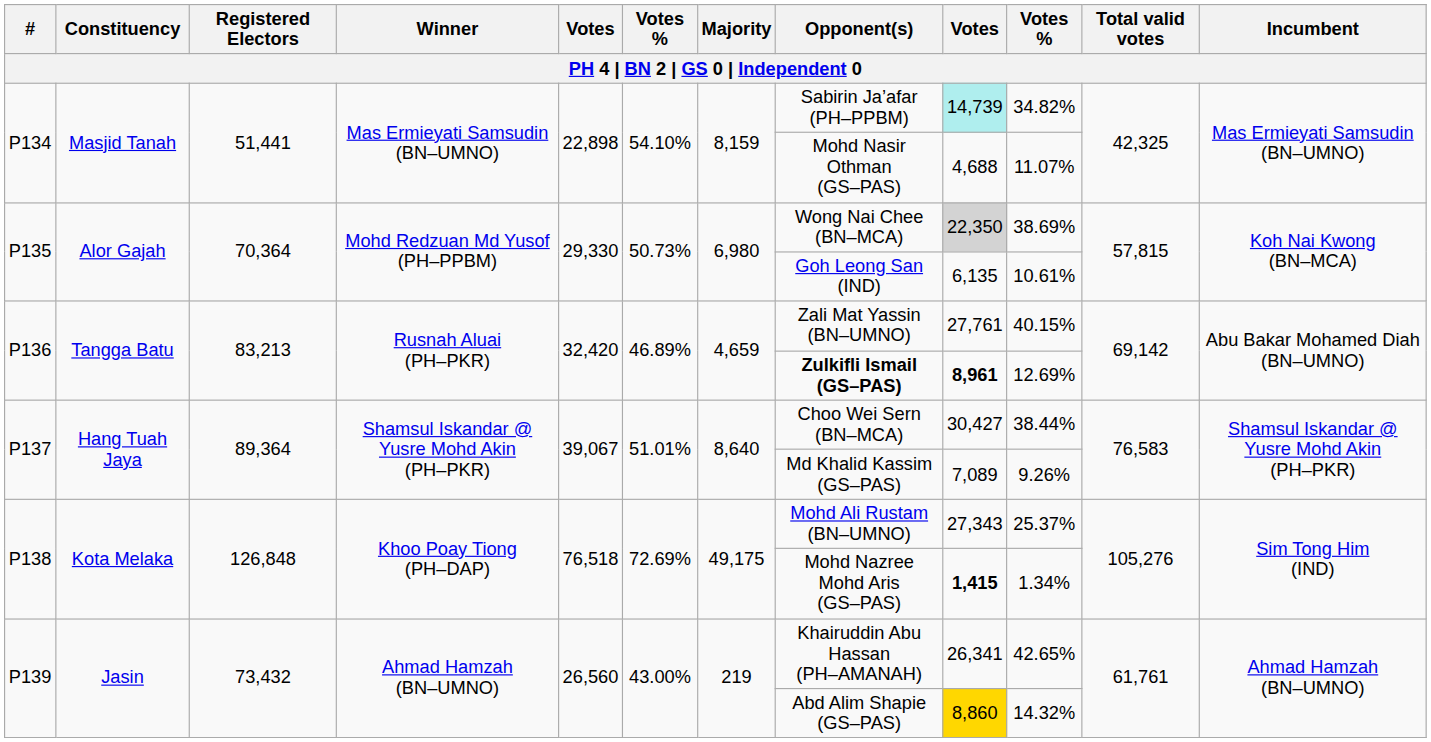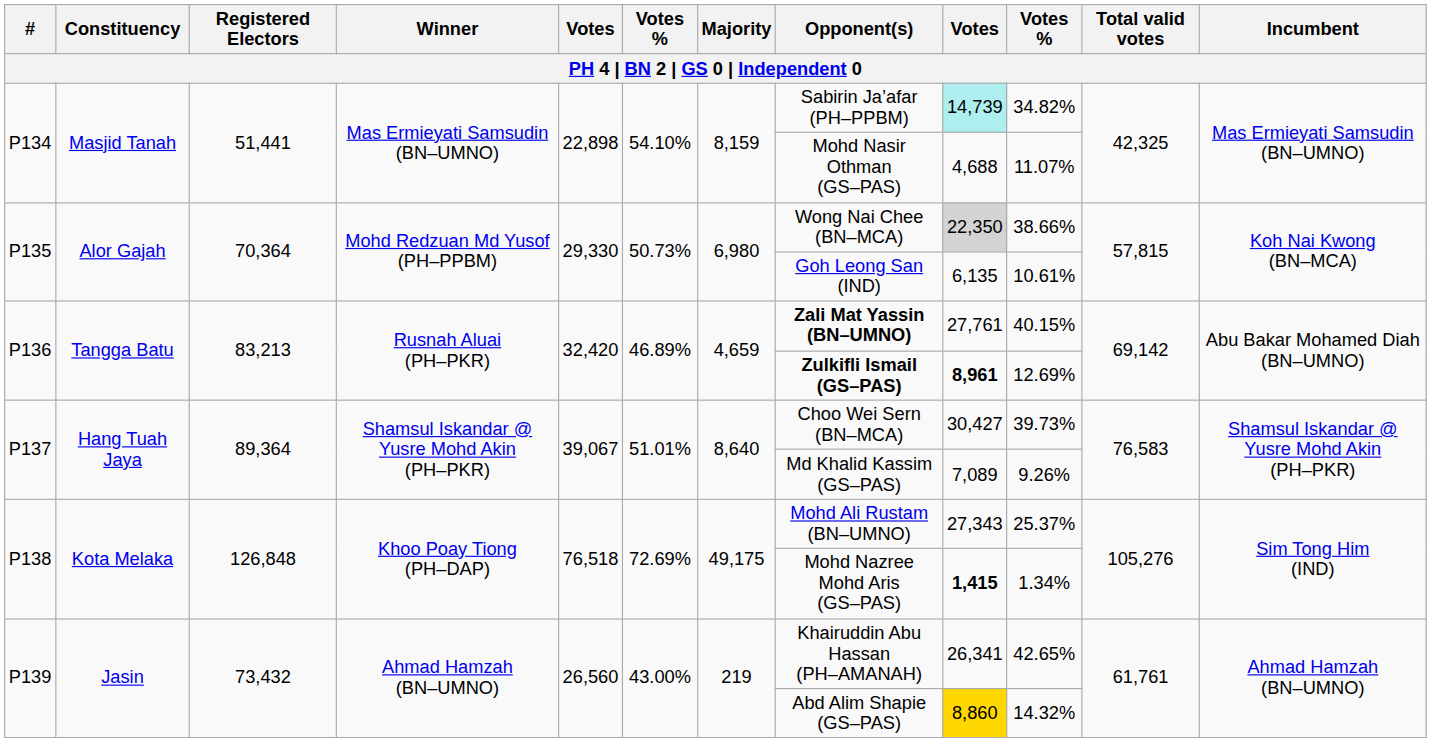 <table class ="wikitable sortable">
 <tr>
 <th>#</th>
 <th>Constituency</th>
 <th>Registered Electors</th>
 <th>Winner</th>
 <th>Votes</th>
 <th>Votes %</th>
 <th>Majority</th>
 <th>Opponent(s)</th>
 <th>Votes</th>
 <th>Votes %</th>
 <th>Total valid votes</th>
 <th>Incumbent</th>
 </tr>
 <tr>
 <th colspan="13"><a href='#'>PH</a> <strong>4</strong> | <a href='#'>BN</a> <strong>2</strong> | <a href='#'>GS</a> <strong>0</strong> | <a href='#'>Independent</a> <strong>0</strong></th>
 </tr>
 <tr align="center">
 <td rowspan=2>P134</td>
 <td rowspan=2><a href='#'>Masjid Tanah</a></td>
 <td rowspan=2>51,441</td>
 <td rowspan=2><a href='#'>Mas Ermieyati Samsudin</a><br>(BN–UMNO)</td>
 <td rowspan=2>22,898</td>
 <td rowspan=2>54.10%</td>
 <td rowspan=2>8,159</td>
 <td>Sabirin Ja’afar<br>(PH–PPBM)</td>
 <td style="background: paleturquoise;">14,739</td>
 <td>34.82%</td>
 <td rowspan=2>42,325</td>
 <td rowspan=2><a href='#'>Mas Ermieyati Samsudin</a><br>(BN–UMNO)</td>
 </tr>
 <tr align="center">
 <td>Mohd Nasir Othman<br>(GS–PAS)</td>
 <td>4,688</td>
 <td>11.07%</td>
 </tr>
 <tr align="center">
 <td rowspan=2>P135</td>
 <td rowspan=2><a href='#'>Alor Gajah</a></td>
 <td rowspan=2>70,364</td>
 <td rowspan=2><a href='#'>Mohd Redzuan Md Yusof</a><br>(PH–PPBM)</td>
 <td rowspan=2>29,330</td>
 <td rowspan=2>50.73%</td>
 <td rowspan=2>6,980</td>
 <td>Wong Nai Chee<br>(BN–MCA)</td>
 <td style="background: lightgrey;">22,350</td>
-<td>38.69%</td>
+<td>38.66%</td>
 <td rowspan=2>57,815</td>
 <td rowspan=2><a href='#'>Koh Nai Kwong</a><br>(BN–MCA)</td>
 </tr>
 <tr align="center">
 <td><a href='#'>Goh Leong San</a><br>(IND)</td>
 <td>6,135</td>
 <td>10.61%</td>
 </tr>
 <tr align="center">
 <td rowspan=2>P136</td>
 <td rowspan=2><a href='#'>Tangga Batu</a></td>
 <td rowspan=2>83,213</td>
 <td rowspan=2><a href='#'>Rusnah Aluai</a><br>(PH–PKR)</td>
 <td rowspan=2>32,420</td>
 <td rowspan=2>46.89%</td>
 <td rowspan=2>4,659</td>
-<td>Zali Mat Yassin<br>(BN–UMNO)</td>
+<td><strong>Zali Mat Yassin<br>(BN–UMNO)</strong></td>
 <td>27,761</td>
 <td>40.15%</td>
 <td rowspan=2>69,142</td>
 <td rowspan=2>Abu Bakar Mohamed Diah<br>(BN–UMNO)</td>
 </tr>
 <tr align="center">
 <td><strong>Zulkifli Ismail<br>(GS–PAS)</strong></td>
 <td><strong>8,961</strong></td>
 <td>12.69%</td>
 </tr>
 <tr align="center">
 <td rowspan=2>P137</td>
 <td rowspan=2><a href='#'>Hang Tuah Jaya</a></td>
 <td rowspan=2>89,364</td>
 <td rowspan=2><a href='#'>Shamsul Iskandar @ Yusre Mohd Akin</a><br>(PH–PKR)</td>
 <td rowspan=2>39,067</td>
 <td rowspan=2>51.01%</td>
 <td rowspan=2>8,640</td>
 <td>Choo Wei Sern<br>(BN–MCA)</td>
 <td>30,427</td>
-<td>38.44%</td>
+<td>39.73%</td>
 <td rowspan=2>76,583</td>
 <td rowspan=2><a href='#'>Shamsul Iskandar @ Yusre Mohd Akin</a><br>(PH–PKR)</td>
 </tr>
 <tr align="center">
 <td>Md Khalid Kassim<br>(GS–PAS)</td>
 <td>7,089</td>
 <td>9.26%</td>
 </tr>
 <tr align="center">
 <td rowspan=2>P138</td>
 <td rowspan=2><a href='#'>Kota Melaka</a></td>
 <td rowspan=2>126,848</td>
 <td rowspan=2><a href='#'>Khoo Poay Tiong</a><br>(PH–DAP)</td>
 <td rowspan=2>76,518</td>
 <td rowspan=2>72.69%</td>
 <td rowspan=2>49,175</td>
 <td><a href='#'>Mohd Ali Rustam</a> <br>(BN–UMNO)</td>
 <td>27,343</td>
 <td>25.37%</td>
 <td rowspan=2>105,276</td>
 <td rowspan=2><a href='#'>Sim Tong Him</a><br>(IND)</td>
 </tr>
 <tr align="center">
 <td>Mohd Nazree Mohd Aris<br>(GS–PAS)</td>
 <td><strong>1,415</strong></td>
 <td>1.34%</td>
 </tr>
 <tr align="center">
 <td rowspan=2>P139</td>
 <td rowspan=2><a href='#'>Jasin</a></td>
 <td rowspan=2>73,432</td>
 <td rowspan=2><a href='#'>Ahmad Hamzah</a><br>(BN–UMNO)</td>
 <td rowspan=2>26,560</td>
 <td rowspan=2>43.00%</td>
 <td rowspan=2>219</td>
 <td>Khairuddin Abu Hassan<br>(PH–AMANAH)</td>
 <td>26,341</td>
 <td>42.65%</td>
 <td rowspan=2>61,761</td>
 <td rowspan=2><a href='#'>Ahmad Hamzah</a><br>(BN–UMNO)</td>
 </tr>
 <tr align="center">
 <td>Abd Alim Shapie<br>(GS–PAS)</td>
 <td style="background: gold;">8,860</td>
 <td>14.32%</td>
 </tr>
 </table>
